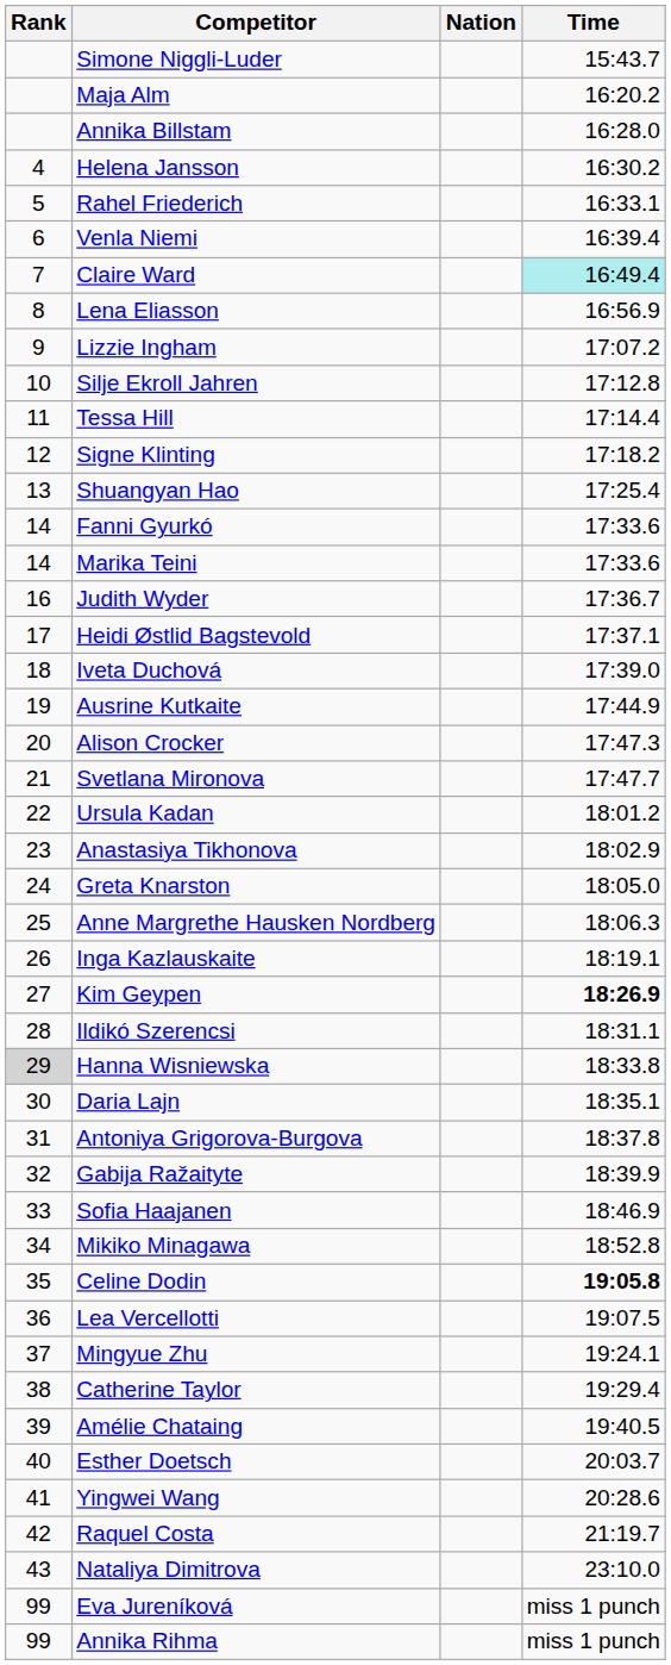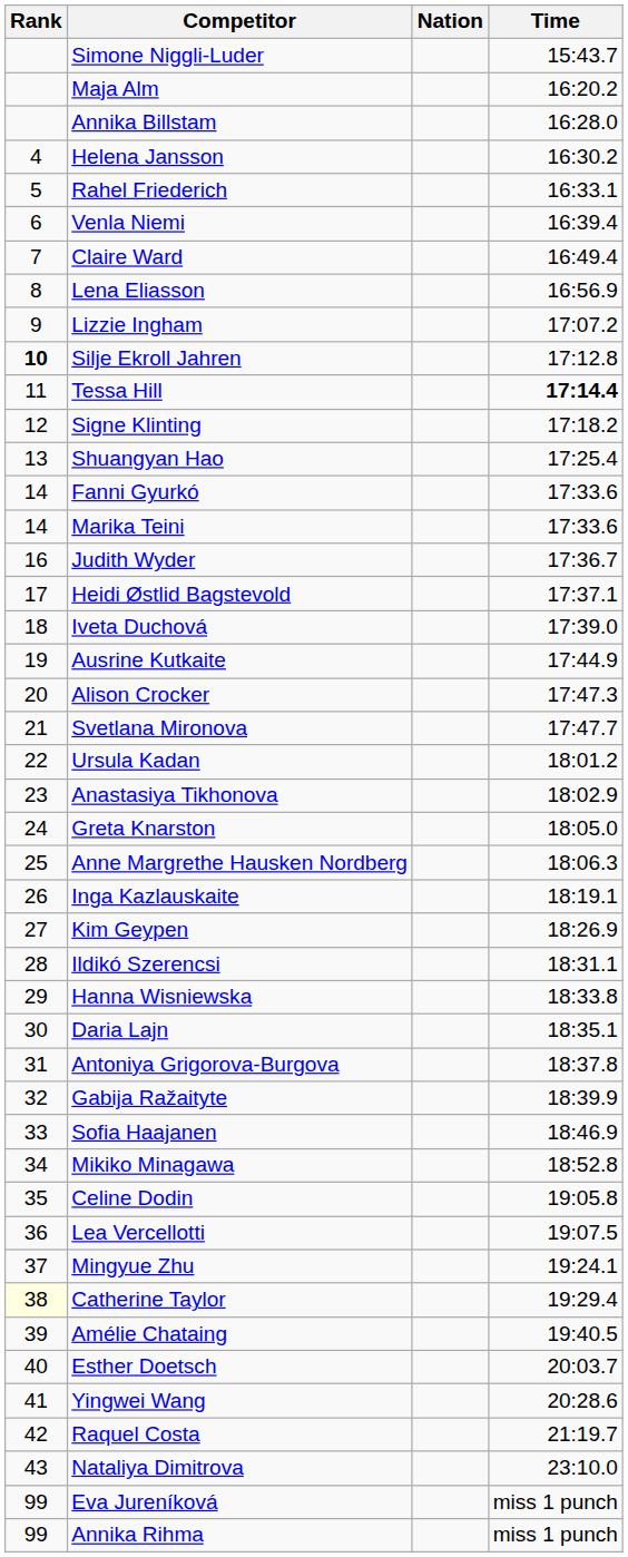 <table class="wikitable sortable" style="text-align:left">
 <tr>
 <th data-sort-type="number">Rank</th>
 <th class="unsortable">Competitor</th>
 <th>Nation</th>
 <th>Time</th>
 </tr>
 <tr>
 <td style="text-align:center"></td>
 <td><a href='#'>Simone Niggli-Luder</a></td>
 <td></td>
 <td style="text-align:right">15:43.7</td>
 </tr>
 <tr>
 <td style="text-align:center"></td>
 <td><a href='#'>Maja Alm</a></td>
 <td></td>
 <td style="text-align:right">16:20.2</td>
 </tr>
 <tr>
 <td style="text-align:center"></td>
 <td><a href='#'>Annika Billstam</a></td>
 <td></td>
 <td style="text-align:right">16:28.0</td>
 </tr>
 <tr>
 <td style="text-align:center">4</td>
 <td><a href='#'>Helena Jansson</a></td>
 <td></td>
 <td style="text-align:right">16:30.2</td>
 </tr>
 <tr>
 <td style="text-align:center">5</td>
 <td><a href='#'>Rahel Friederich</a></td>
 <td></td>
 <td style="text-align:right">16:33.1</td>
 </tr>
 <tr>
 <td style="text-align:center">6</td>
 <td><a href='#'>Venla Niemi</a></td>
 <td></td>
 <td style="text-align:right">16:39.4</td>
 </tr>
 <tr>
 <td style="text-align:center">7</td>
 <td><a href='#'>Claire Ward</a></td>
 <td></td>
-<td style="background: paleturquoise; text-align:right">16:49.4</td>
+<td style="text-align:right">16:49.4</td>
 </tr>
 <tr>
 <td style="text-align:center">8</td>
 <td><a href='#'>Lena Eliasson</a></td>
 <td></td>
 <td style="text-align:right">16:56.9</td>
 </tr>
 <tr>
 <td style="text-align:center">9</td>
 <td><a href='#'>Lizzie Ingham</a></td>
 <td></td>
 <td style="text-align:right">17:07.2</td>
 </tr>
 <tr>
-<td style="text-align:center">10</td>
+<td style="text-align:center"><strong>10</strong></td>
 <td><a href='#'>Silje Ekroll Jahren</a></td>
 <td></td>
 <td style="text-align:right">17:12.8</td>
 </tr>
 <tr>
 <td style="text-align:center">11</td>
 <td><a href='#'>Tessa Hill</a></td>
 <td></td>
-<td style="text-align:right">17:14.4</td>
+<td style="text-align:right"><strong>17:14.4</strong></td>
 </tr>
 <tr>
 <td style="text-align:center">12</td>
 <td><a href='#'>Signe Klinting</a></td>
 <td></td>
 <td style="text-align:right">17:18.2</td>
 </tr>
 <tr>
 <td style="text-align:center">13</td>
 <td><a href='#'>Shuangyan Hao</a></td>
 <td></td>
 <td style="text-align:right">17:25.4</td>
 </tr>
 <tr>
 <td style="text-align:center">14</td>
 <td><a href='#'>Fanni Gyurkó</a></td>
 <td></td>
 <td style="text-align:right">17:33.6</td>
 </tr>
 <tr>
 <td style="text-align:center">14</td>
 <td><a href='#'>Marika Teini</a></td>
 <td></td>
 <td style="text-align:right">17:33.6</td>
 </tr>
 <tr>
 <td style="text-align:center">16</td>
 <td><a href='#'>Judith Wyder</a></td>
 <td></td>
 <td style="text-align:right">17:36.7</td>
 </tr>
 <tr>
 <td style="text-align:center">17</td>
 <td><a href='#'>Heidi Østlid Bagstevold</a></td>
 <td></td>
 <td style="text-align:right">17:37.1</td>
 </tr>
 <tr>
 <td style="text-align:center">18</td>
 <td><a href='#'>Iveta Duchová</a></td>
 <td></td>
 <td style="text-align:right">17:39.0</td>
 </tr>
 <tr>
 <td style="text-align:center">19</td>
 <td><a href='#'>Ausrine Kutkaite</a></td>
 <td></td>
 <td style="text-align:right">17:44.9</td>
 </tr>
 <tr>
 <td style="text-align:center">20</td>
 <td><a href='#'>Alison Crocker</a></td>
 <td></td>
 <td style="text-align:right">17:47.3</td>
 </tr>
 <tr>
 <td style="text-align:center">21</td>
 <td><a href='#'>Svetlana Mironova</a></td>
 <td></td>
 <td style="text-align:right">17:47.7</td>
 </tr>
 <tr>
 <td style="text-align:center">22</td>
 <td><a href='#'>Ursula Kadan</a></td>
 <td></td>
 <td style="text-align:right">18:01.2</td>
 </tr>
 <tr>
 <td style="text-align:center">23</td>
 <td><a href='#'>Anastasiya Tikhonova</a></td>
 <td></td>
 <td style="text-align:right">18:02.9</td>
 </tr>
 <tr>
 <td style="text-align:center">24</td>
 <td><a href='#'>Greta Knarston</a></td>
 <td></td>
 <td style="text-align:right">18:05.0</td>
 </tr>
 <tr>
 <td style="text-align:center">25</td>
 <td><a href='#'>Anne Margrethe Hausken Nordberg</a></td>
 <td></td>
 <td style="text-align:right">18:06.3</td>
 </tr>
 <tr>
 <td style="text-align:center">26</td>
 <td><a href='#'>Inga Kazlauskaite</a></td>
 <td></td>
 <td style="text-align:right">18:19.1</td>
 </tr>
 <tr>
 <td style="text-align:center">27</td>
 <td><a href='#'>Kim Geypen</a></td>
 <td></td>
-<td style="text-align:right"><strong>18:26.9</strong></td>
+<td style="text-align:right">18:26.9</td>
 </tr>
 <tr>
 <td style="text-align:center">28</td>
 <td><a href='#'>Ildikó Szerencsi</a></td>
 <td></td>
 <td style="text-align:right">18:31.1</td>
 </tr>
 <tr>
-<td style="background: lightgrey; text-align:center">29</td>
+<td style="text-align:center">29</td>
 <td><a href='#'>Hanna Wisniewska</a></td>
 <td></td>
 <td style="text-align:right">18:33.8</td>
 </tr>
 <tr>
 <td style="text-align:center">30</td>
 <td><a href='#'>Daria Lajn</a></td>
 <td></td>
 <td style="text-align:right">18:35.1</td>
 </tr>
 <tr>
 <td style="text-align:center">31</td>
 <td><a href='#'>Antoniya Grigorova-Burgova</a></td>
 <td></td>
 <td style="text-align:right">18:37.8</td>
 </tr>
 <tr>
 <td style="text-align:center">32</td>
 <td><a href='#'>Gabija Ražaityte</a></td>
 <td></td>
 <td style="text-align:right">18:39.9</td>
 </tr>
 <tr>
 <td style="text-align:center">33</td>
 <td><a href='#'>Sofia Haajanen</a></td>
 <td></td>
 <td style="text-align:right">18:46.9</td>
 </tr>
 <tr>
 <td style="text-align:center">34</td>
 <td><a href='#'>Mikiko Minagawa</a></td>
 <td></td>
 <td style="text-align:right">18:52.8</td>
 </tr>
 <tr>
 <td style="text-align:center">35</td>
 <td><a href='#'>Celine Dodin</a></td>
 <td></td>
-<td style="text-align:right"><strong>19:05.8</strong></td>
+<td style="text-align:right">19:05.8</td>
 </tr>
 <tr>
 <td style="text-align:center">36</td>
 <td><a href='#'>Lea Vercellotti</a></td>
 <td></td>
 <td style="text-align:right">19:07.5</td>
 </tr>
 <tr>
 <td style="text-align:center">37</td>
 <td><a href='#'>Mingyue Zhu</a></td>
 <td></td>
 <td style="text-align:right">19:24.1</td>
 </tr>
 <tr>
-<td style="text-align:center">38</td>
+<td style="background: lightyellow; text-align:center">38</td>
 <td><a href='#'>Catherine Taylor</a></td>
 <td></td>
 <td style="text-align:right">19:29.4</td>
 </tr>
 <tr>
 <td style="text-align:center">39</td>
 <td><a href='#'>Amélie Chataing</a></td>
 <td></td>
 <td style="text-align:right">19:40.5</td>
 </tr>
 <tr>
 <td style="text-align:center">40</td>
 <td><a href='#'>Esther Doetsch</a></td>
 <td></td>
 <td style="text-align:right">20:03.7</td>
 </tr>
 <tr>
 <td style="text-align:center">41</td>
 <td><a href='#'>Yingwei Wang</a></td>
 <td></td>
 <td style="text-align:right">20:28.6</td>
 </tr>
 <tr>
 <td style="text-align:center">42</td>
 <td><a href='#'>Raquel Costa</a></td>
 <td></td>
 <td style="text-align:right">21:19.7</td>
 </tr>
 <tr>
 <td style="text-align:center">43</td>
 <td><a href='#'>Nataliya Dimitrova</a></td>
 <td></td>
 <td style="text-align:right">23:10.0</td>
 </tr>
 <tr>
 <td style="text-align:center"><span>99</span></td>
 <td><a href='#'>Eva Jureníková</a></td>
 <td></td>
 <td style="text-align:center">miss 1 punch</td>
 </tr>
 <tr>
 <td style="text-align:center"><span>99</span></td>
 <td><a href='#'>Annika Rihma</a></td>
 <td></td>
 <td style="text-align:center">miss 1 punch</td>
 </tr>
 </table>
